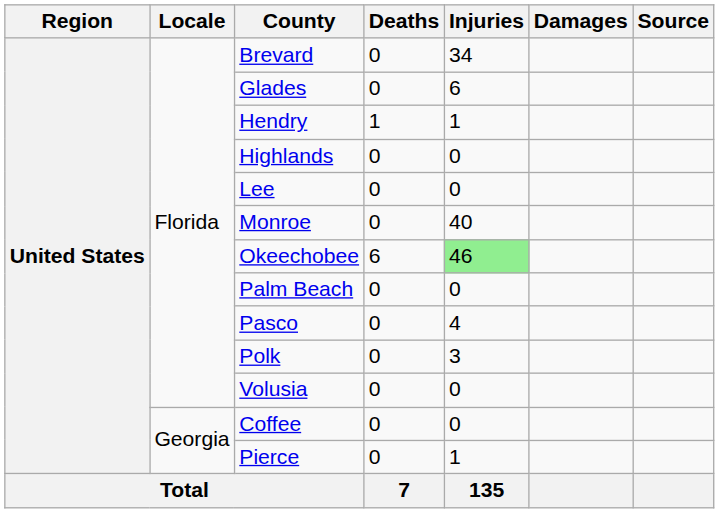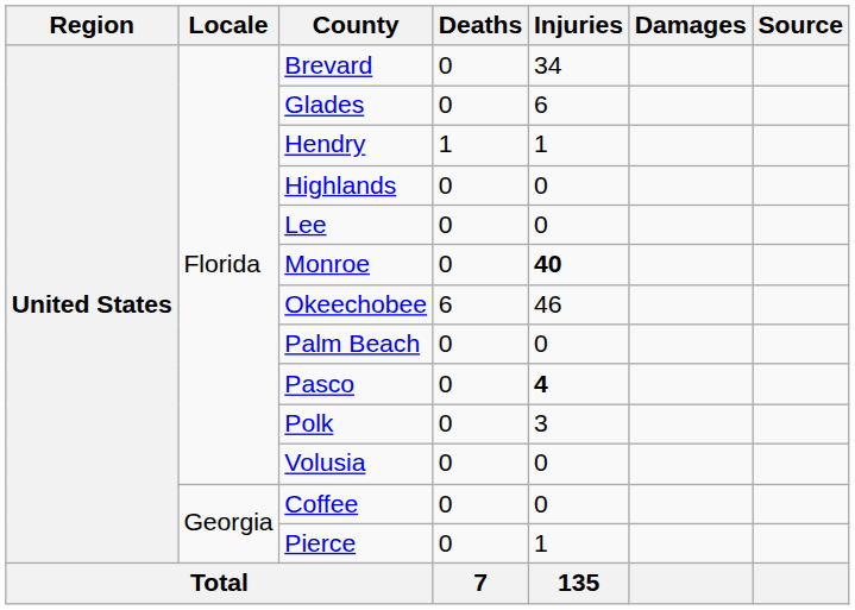 <table class="wikitable"  style="float:left; margin:10px;">
 <tr>
 <th>Region</th>
 <th>Locale</th>
 <th>County</th>
 <th>Deaths</th>
 <th>Injuries</th>
 <th>Damages</th>
 <th>Source</th>
 </tr>
 <tr>
 <th rowspan="13">United States</th>
 <td rowspan="11">Florida</td>
 <td><a href='#'>Brevard</a></td>
 <td>0</td>
 <td>34</td>
 <td></td>
 <td></td>
 </tr>
 <tr>
 <td><a href='#'>Glades</a></td>
 <td>0</td>
 <td>6</td>
 <td></td>
 <td></td>
 </tr>
 <tr>
 <td><a href='#'>Hendry</a></td>
 <td>1</td>
 <td>1</td>
 <td></td>
 <td></td>
 </tr>
 <tr>
 <td><a href='#'>Highlands</a></td>
 <td>0</td>
 <td>0</td>
 <td></td>
 <td></td>
 </tr>
 <tr>
 <td><a href='#'>Lee</a></td>
 <td>0</td>
 <td>0</td>
 <td></td>
 <td></td>
 </tr>
 <tr>
 <td><a href='#'>Monroe</a></td>
 <td>0</td>
-<td>40</td>
+<td><strong>40</strong></td>
 <td></td>
 <td></td>
 </tr>
 <tr>
 <td><a href='#'>Okeechobee</a></td>
 <td>6</td>
-<td style="background: lightgreen;">46</td>
+<td>46</td>
 <td></td>
 <td></td>
 </tr>
 <tr>
 <td><a href='#'>Palm Beach</a></td>
 <td>0</td>
 <td>0</td>
 <td></td>
 <td></td>
 </tr>
 <tr>
 <td><a href='#'>Pasco</a></td>
 <td>0</td>
-<td>4</td>
+<td><strong>4</strong></td>
 <td></td>
 <td></td>
 </tr>
 <tr>
 <td><a href='#'>Polk</a></td>
 <td>0</td>
 <td>3</td>
 <td></td>
 <td></td>
 </tr>
 <tr>
 <td><a href='#'>Volusia</a></td>
 <td>0</td>
 <td>0</td>
 <td></td>
 <td></td>
 </tr>
 <tr>
 <td rowspan="2">Georgia</td>
 <td><a href='#'>Coffee</a></td>
 <td>0</td>
 <td>0</td>
 <td></td>
 <td></td>
 </tr>
 <tr>
 <td><a href='#'>Pierce</a></td>
 <td>0</td>
 <td>1</td>
 <td></td>
 <td></td>
 </tr>
 <tr>
 <th colspan="3">Total</th>
 <th colspan="">7</th>
 <th colspan="">135</th>
 <th colspan=""></th>
 <th colspan=""></th>
 </tr>
 </table>
